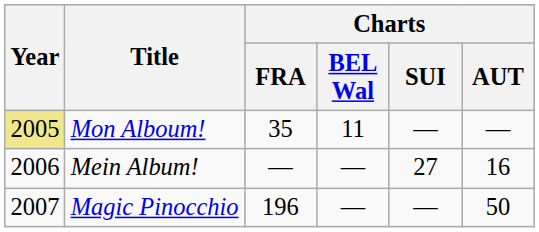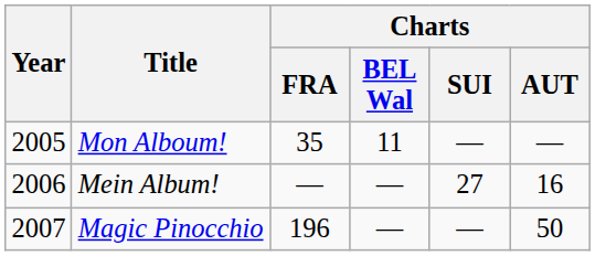 <table class="wikitable">
 <tr>
 <th align="center" rowspan="2">Year</th>
 <th align="center" rowspan="2">Title</th>
 <th align="center" colspan="4">Charts</th>
 </tr>
 <tr>
 <th width="40">FRA</th>
 <th width="40"><a href='#'>BEL<br>Wal</a></th>
 <th width="40">SUI</th>
 <th width="40">AUT</th>
 </tr>
 <tr>
-<td align="center" style="background: khaki;">2005</td>
+<td align="center">2005</td>
 <td><em><a href='#'>Mon Alboum!</a></em></td>
 <td align="center">35</td>
 <td align="center">11</td>
 <td align="center">—</td>
 <td align="center">—</td>
 </tr>
 <tr>
 <td align="center">2006</td>
 <td><em>Mein Album!</em></td>
 <td align="center">—</td>
 <td align="center">—</td>
 <td align="center">27</td>
 <td align="center">16</td>
 </tr>
 <tr>
 <td align="center">2007</td>
 <td><em><a href='#'>Magic Pinocchio</a></em></td>
 <td align="center">196</td>
 <td align="center">—</td>
 <td align="center">—</td>
 <td align="center">50</td>
 </tr>
 </table>
